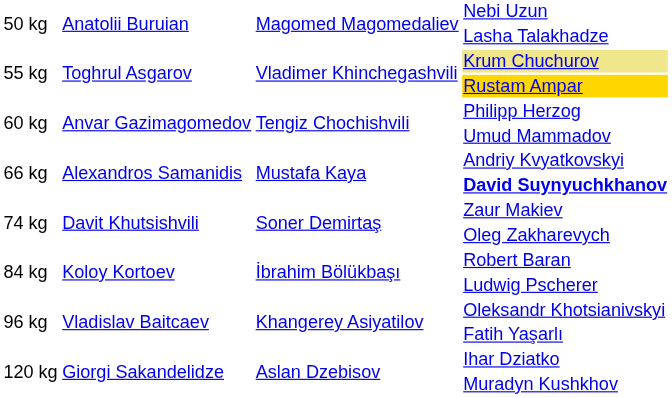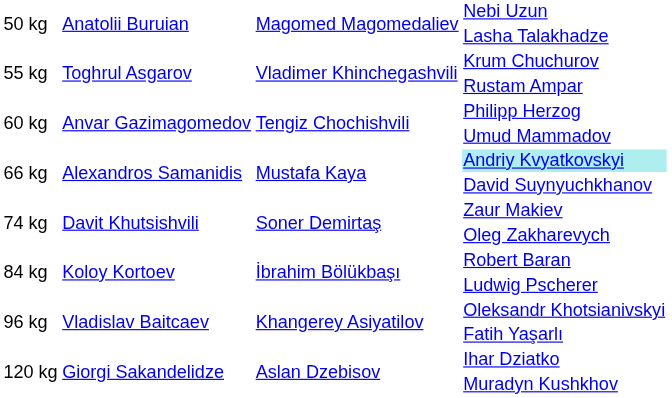 <table>
 <tr>
 <td rowspan=2>50 kg</td>
 <td rowspan=2> <a href='#'>Anatolii Buruian</a></td>
 <td rowspan=2> <a href='#'>Magomed Magomedaliev</a></td>
 <td> <a href='#'>Nebi Uzun</a></td>
 </tr>
 <tr>
 <td><a href='#'>Lasha Talakhadze</a></td>
 </tr>
 <tr>
 <td rowspan=2>55 kg</td>
 <td rowspan=2> <a href='#'>Toghrul Asgarov</a></td>
 <td rowspan=2> <a href='#'>Vladimer Khinchegashvili</a></td>
-<td style="background: khaki;"> <a href='#'>Krum Chuchurov</a></td>
+<td> <a href='#'>Krum Chuchurov</a></td>
 </tr>
 <tr>
-<td style="background: gold;"> <a href='#'>Rustam Ampar</a></td>
+<td> <a href='#'>Rustam Ampar</a></td>
 </tr>
 <tr>
 <td rowspan=2>60 kg</td>
 <td rowspan=2> <a href='#'>Anvar Gazimagomedov</a></td>
 <td rowspan=2> <a href='#'>Tengiz Chochishvili</a></td>
 <td> <a href='#'>Philipp Herzog</a></td>
 </tr>
 <tr>
 <td> <a href='#'>Umud Mammadov</a></td>
 </tr>
 <tr>
 <td rowspan=2>66 kg</td>
 <td rowspan=2> <a href='#'>Alexandros Samanidis</a></td>
 <td rowspan=2> <a href='#'>Mustafa Kaya</a></td>
-<td> <a href='#'>Andriy Kvyatkovskyi</a></td>
+<td style="background: paleturquoise;"> <a href='#'>Andriy Kvyatkovskyi</a></td>
 </tr>
 <tr>
-<td><strong> <a href='#'>David Suynyuchkhanov</a></strong></td>
+<td> <a href='#'>David Suynyuchkhanov</a></td>
 </tr>
 <tr>
 <td rowspan=2>74 kg</td>
 <td rowspan=2> <a href='#'>Davit Khutsishvili</a></td>
 <td rowspan=2> <a href='#'>Soner Demirtaş</a></td>
 <td> <a href='#'>Zaur Makiev</a></td>
 </tr>
 <tr>
 <td> <a href='#'>Oleg Zakharevych</a></td>
 </tr>
 <tr>
 <td rowspan=2>84 kg</td>
 <td rowspan=2> <a href='#'>Koloy Kortoev</a></td>
 <td rowspan=2> <a href='#'>İbrahim Bölükbaşı</a></td>
 <td> <a href='#'>Robert Baran</a></td>
 </tr>
 <tr>
 <td> <a href='#'>Ludwig Pscherer</a></td>
 </tr>
 <tr>
 <td rowspan=2>96 kg</td>
 <td rowspan=2> <a href='#'>Vladislav Baitcaev</a></td>
 <td rowspan=2> <a href='#'>Khangerey Asiyatilov</a></td>
 <td> <a href='#'>Oleksandr Khotsianivskyi</a></td>
 </tr>
 <tr>
 <td> <a href='#'>Fatih Yaşarlı</a></td>
 </tr>
 <tr>
 <td rowspan=2>120 kg</td>
 <td rowspan=2> <a href='#'>Giorgi Sakandelidze</a></td>
 <td rowspan=2> <a href='#'>Aslan Dzebisov</a></td>
 <td> <a href='#'>Ihar Dziatko</a></td>
 </tr>
 <tr>
 <td> <a href='#'>Muradyn Kushkhov</a></td>
 </tr>
 </table>
